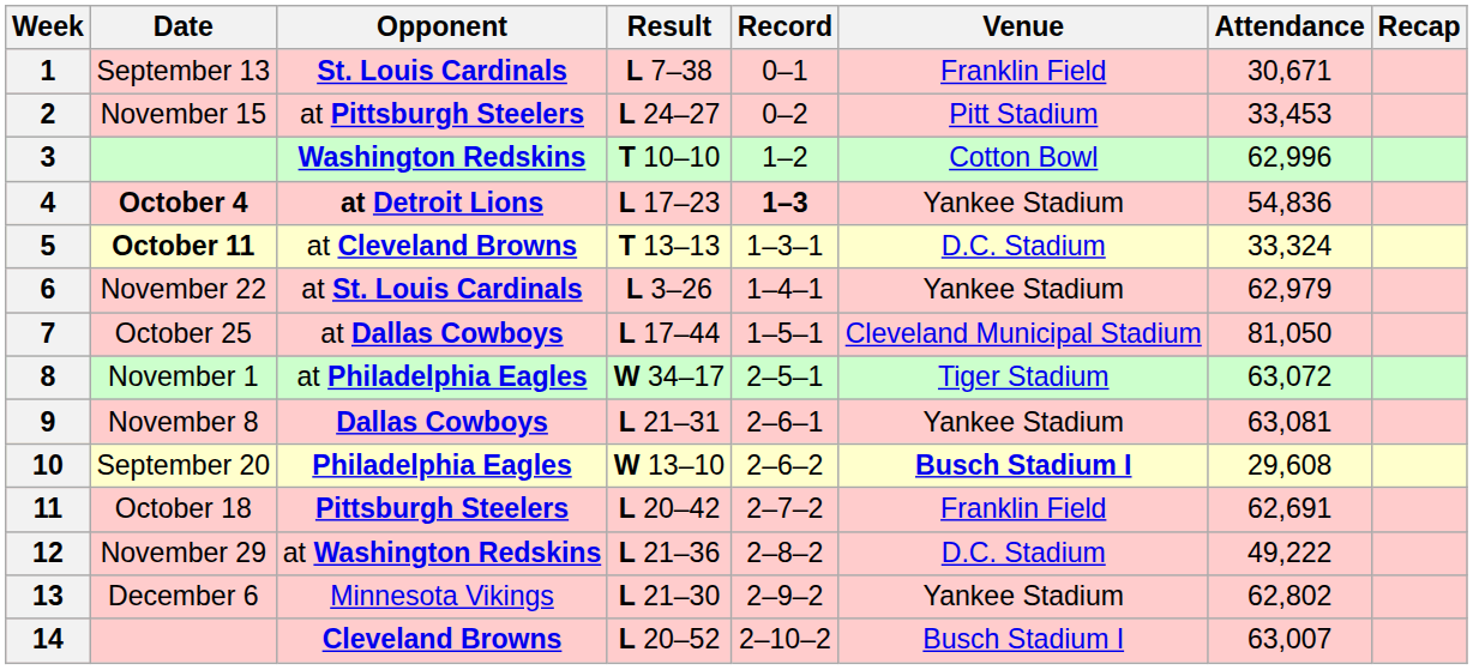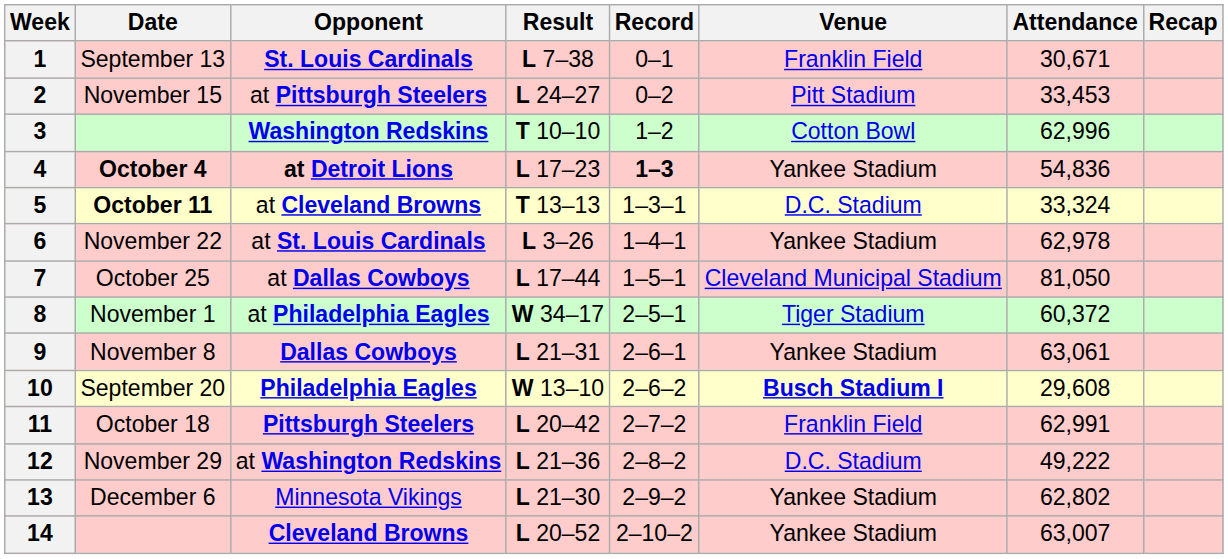 <table class="wikitable" style="text-align:center">
 <tr>
 <th>Week</th>
 <th>Date</th>
 <th>Opponent</th>
 <th>Result</th>
 <th>Record</th>
 <th>Venue</th>
 <th>Attendance</th>
 <th>Recap</th>
 </tr>
 <tr style="background:#fcc">
 <th>1</th>
 <td>September 13</td>
 <td><strong><a href='#'>St. Louis Cardinals</a></strong></td>
 <td><strong>L</strong> 7–38</td>
 <td>0–1</td>
 <td><a href='#'>Franklin Field</a></td>
 <td>30,671</td>
 <td></td>
 </tr>
 <tr style="background:#fcc">
 <th>2</th>
 <td>November 15</td>
 <td>at <strong><a href='#'>Pittsburgh Steelers</a></strong></td>
 <td><strong>L</strong> 24–27</td>
 <td>0–2</td>
 <td><a href='#'>Pitt Stadium</a></td>
 <td>33,453</td>
 <td></td>
 </tr>
 <tr style="background:#cfc">
 <th>3</th>
 <td></td>
 <td><strong><a href='#'>Washington Redskins</a></strong></td>
 <td><strong>T</strong> 10–10</td>
 <td>1–2</td>
 <td><a href='#'>Cotton Bowl</a></td>
 <td>62,996</td>
 <td></td>
 </tr>
 <tr style="background:#fcc">
 <th>4</th>
 <td><strong>October 4</strong></td>
 <td><strong>at <a href='#'>Detroit Lions</a></strong></td>
 <td><strong>L</strong> 17–23</td>
 <td><strong>1–3</strong></td>
 <td>Yankee Stadium</td>
 <td>54,836</td>
 <td></td>
 </tr>
 <tr style="background:#ffc">
 <th>5</th>
 <td><strong>October 11</strong></td>
 <td>at <strong><a href='#'>Cleveland Browns</a></strong></td>
 <td><strong>T</strong> 13–13</td>
 <td>1–3–1</td>
 <td><a href='#'>D.C. Stadium</a></td>
 <td>33,324</td>
 <td></td>
 </tr>
 <tr style="background:#fcc">
 <th>6</th>
 <td>November 22</td>
 <td>at <strong><a href='#'>St. Louis Cardinals</a></strong></td>
 <td><strong>L</strong> 3–26</td>
 <td>1–4–1</td>
 <td>Yankee Stadium</td>
-<td>62,979</td>
+<td>62,978</td>
 <td></td>
 </tr>
 <tr style="background:#fcc">
 <th>7</th>
 <td>October 25</td>
 <td>at <strong><a href='#'>Dallas Cowboys</a></strong></td>
 <td><strong>L</strong> 17–44</td>
 <td>1–5–1</td>
 <td><a href='#'>Cleveland Municipal Stadium</a></td>
 <td>81,050</td>
 <td></td>
 </tr>
 <tr style="background:#cfc">
 <th>8</th>
 <td>November 1</td>
 <td>at <strong><a href='#'>Philadelphia Eagles</a></strong></td>
 <td><strong>W</strong> 34–17</td>
 <td>2–5–1</td>
 <td><a href='#'>Tiger Stadium</a></td>
-<td>63,072</td>
+<td>60,372</td>
 <td></td>
 </tr>
 <tr style="background:#fcc">
 <th>9</th>
 <td>November 8</td>
 <td><strong><a href='#'>Dallas Cowboys</a></strong></td>
 <td><strong>L</strong> 21–31</td>
 <td>2–6–1</td>
 <td>Yankee Stadium</td>
-<td>63,081</td>
+<td>63,061</td>
 <td></td>
 </tr>
 <tr style="background:#ffc">
 <th>10</th>
 <td>September 20</td>
 <td><strong><a href='#'>Philadelphia Eagles</a></strong></td>
 <td><strong>W</strong> 13–10</td>
 <td>2–6–2</td>
 <td><strong><a href='#'>Busch Stadium I</a></strong></td>
 <td>29,608</td>
 <td></td>
 </tr>
 <tr style="background:#fcc">
 <th>11</th>
 <td>October 18</td>
 <td><strong><a href='#'>Pittsburgh Steelers</a></strong></td>
 <td><strong>L</strong> 20–42</td>
 <td>2–7–2</td>
 <td><a href='#'>Franklin Field</a></td>
-<td>62,691</td>
+<td>62,991</td>
 <td></td>
 </tr>
 <tr style="background:#fcc">
 <th>12</th>
 <td>November 29</td>
 <td>at <strong><a href='#'>Washington Redskins</a></strong></td>
 <td><strong>L</strong> 21–36</td>
 <td>2–8–2</td>
 <td><a href='#'>D.C. Stadium</a></td>
 <td>49,222</td>
 <td></td>
 </tr>
 <tr style="background:#fcc">
 <th>13</th>
 <td>December 6</td>
 <td><a href='#'>Minnesota Vikings</a></td>
 <td><strong>L</strong> 21–30</td>
 <td>2–9–2</td>
 <td>Yankee Stadium</td>
 <td>62,802</td>
 <td></td>
 </tr>
 <tr style="background:#fcc">
 <th>14</th>
 <td></td>
 <td><strong><a href='#'>Cleveland Browns</a></strong></td>
 <td><strong>L</strong> 20–52</td>
 <td>2–10–2</td>
-<td><a href='#'>Busch Stadium I</a></td>
+<td>Yankee Stadium</td>
 <td>63,007</td>
 <td></td>
 </tr>
 </table>
